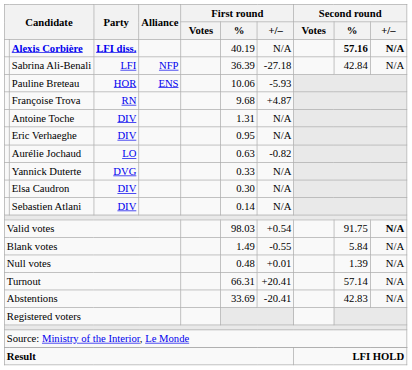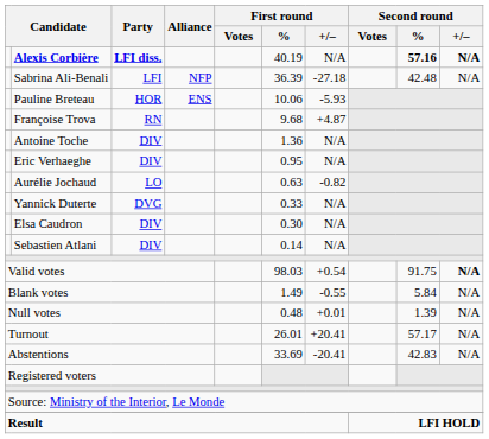 <table class="wikitable" style="text-align:right;font-size:95%;">
 <tr>
 <th rowspan="2" colspan="2">Candidate</th>
 <th rowspan="2">Party</th>
 <th rowspan="2">Alliance</th>
 <th colspan="3">First round</th>
 <th colspan="3">Second round</th>
 </tr>
 <tr>
 <th style="width:50px;">Votes</th>
 <th style="width:45px;">%</th>
 <th style="width:45px;">+/–</th>
 <th style="width:50px;">Votes</th>
 <th style="width:45px;">%</th>
 <th style="width:45px;">+/–</th>
 </tr>
 <tr>
 <td style="color:inherit;background:"></td>
 <td style="text-align:left;"><strong><a href='#'>Alexis Corbière</a></strong></td>
 <td><a href='#'><strong>LFI diss.</strong></a></td>
 <td></td>
 <td></td>
 <td>40.19</td>
 <td>N/A</td>
 <td><strong></strong></td>
 <td><strong>57.16</strong></td>
 <td><strong>N/A</strong></td>
 </tr>
 <tr>
 <td style="color:inherit;background:"></td>
 <td style="text-align:left;">Sabrina Ali-Benali</td>
 <td><a href='#'>LFI</a></td>
 <td><a href='#'>NFP</a></td>
 <td></td>
 <td>36.39</td>
 <td>-27.18</td>
 <td></td>
-<td>42.84</td>
+<td>42.48</td>
 <td>N/A</td>
 </tr>
 <tr>
 <td style="color:inherit;background:"></td>
 <td style="text-align:left;">Pauline Breteau</td>
 <td><a href='#'>HOR</a></td>
 <td><a href='#'>ENS</a></td>
 <td></td>
 <td>10.06</td>
 <td>-5.93</td>
 <td colspan="3" style="background:#E9E9E9;"></td>
 </tr>
 <tr>
 <td style="color:inherit;background:"></td>
 <td style="text-align:left;">Françoise Trova</td>
 <td><a href='#'>RN</a></td>
 <td></td>
 <td></td>
 <td>9.68</td>
 <td>+4.87</td>
 <td colspan="3" style="background:#E9E9E9;"></td>
 </tr>
 <tr>
 <td style="color:inherit;background:"></td>
 <td style="text-align:left;">Antoine Toche</td>
 <td><a href='#'>DIV</a></td>
 <td></td>
 <td></td>
-<td>1.31</td>
+<td>1.36</td>
 <td>N/A</td>
 <td colspan="3" style="background:#E9E9E9;"></td>
 </tr>
 <tr>
 <td style="color:inherit;background:"></td>
 <td style="text-align:left;">Eric Verhaeghe</td>
 <td><a href='#'>DIV</a></td>
 <td></td>
 <td></td>
 <td>0.95</td>
 <td>N/A</td>
 <td colspan="3" style="background:#E9E9E9;"></td>
 </tr>
 <tr>
 <td style="color:inherit;background:"></td>
 <td style="text-align:left;">Aurélie Jochaud</td>
 <td><a href='#'>LO</a></td>
 <td></td>
 <td></td>
 <td>0.63</td>
 <td>-0.82</td>
 <td colspan="3" style="background:#E9E9E9;"></td>
 </tr>
 <tr>
 <td style="color:inherit;background:"></td>
 <td style="text-align:left;">Yannick Duterte</td>
 <td><a href='#'>DVG</a></td>
 <td></td>
 <td></td>
 <td>0.33</td>
 <td>N/A</td>
 <td colspan="3" style="background:#E9E9E9;"></td>
 </tr>
 <tr>
 <td style="color:inherit;background:"></td>
 <td style="text-align:left;">Elsa Caudron</td>
 <td><a href='#'>DIV</a></td>
 <td></td>
 <td></td>
 <td>0.30</td>
 <td>N/A</td>
 <td colspan="3" style="background:#E9E9E9;"></td>
 </tr>
 <tr>
 <td style="color:inherit;background:"></td>
 <td style="text-align:left;">Sebastien Atlani</td>
 <td><a href='#'>DIV</a></td>
 <td></td>
 <td></td>
 <td>0.14</td>
 <td>N/A</td>
 <td colspan="3" style="background:#E9E9E9;"></td>
 </tr>
 <tr>
 <td colspan="10" style="background:#E9E9E9;"></td>
 </tr>
 <tr>
 <td colspan="4" style="text-align:left;">Valid votes</td>
 <td></td>
 <td>98.03</td>
 <td>+0.54</td>
 <td></td>
 <td>91.75</td>
 <td><strong>N/A</strong></td>
 </tr>
 <tr>
 <td colspan="4" style="text-align:left;">Blank votes</td>
 <td></td>
 <td>1.49</td>
 <td>-0.55</td>
 <td></td>
 <td>5.84</td>
 <td>N/A</td>
 </tr>
 <tr>
 <td colspan="4" style="text-align:left;">Null votes</td>
 <td></td>
 <td>0.48</td>
 <td>+0.01</td>
 <td></td>
 <td>1.39</td>
 <td>N/A</td>
 </tr>
 <tr>
 <td colspan="4" style="text-align:left;">Turnout</td>
 <td></td>
-<td>66.31</td>
+<td>26.01</td>
 <td>+20.41</td>
 <td></td>
-<td>57.14</td>
+<td>57.17</td>
 <td>N/A</td>
 </tr>
 <tr>
 <td colspan="4" style="text-align:left;">Abstentions</td>
 <td></td>
 <td>33.69</td>
 <td>-20.41</td>
 <td></td>
 <td>42.83</td>
 <td>N/A</td>
 </tr>
 <tr>
 <td colspan="4" style="text-align:left;">Registered voters</td>
 <td></td>
 <td colspan="2" style="background:#E9E9E9;"></td>
 <td></td>
 <td colspan="2" style="background:#E9E9E9;"></td>
 </tr>
 <tr>
 <td colspan="10" style="background:#E9E9E9;"></td>
 </tr>
 <tr>
 <td colspan="10" style="text-align:left;">Source: <a href='#'>Ministry of the Interior</a>, <a href='#'>Le Monde</a></td>
 </tr>
 <tr>
 </tr>
 <tr style="font-weight:bold">
 <td colspan="7" style="text-align:left;">Result</td>
 <td colspan="7" style="background-color:">LFI HOLD</td>
 </tr>
 </table>
